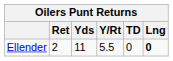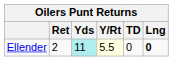 <table class="wikitable">
 <tr>
 <th colspan="6">Oilers Punt Returns</th>
 </tr>
 <tr>
 <th></th>
 <th>Ret</th>
 <th>Yds</th>
 <th>Y/Rt</th>
 <th>TD</th>
 <th>Lng</th>
 </tr>
 <tr>
 <td><a href='#'>Ellender</a></td>
 <td>2</td>
-<td>11</td>
-<td>5.5</td>
+<td style="background: paleturquoise;">11</td>
+<td style="background: lightyellow;">5.5</td>
 <td>0</td>
 <td><strong>0</strong></td>
 </tr>
 </table>
